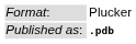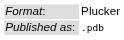 <table style="text-align:left;">
 <tr>
 <td style="background:#ddd; width:100px;"><em>Format</em>:</td>
 <td>Plucker</td>
 </tr>
 <tr>
 <td style="background:#ddd;"><em>Published as</em>:</td>
-<td><strong><code>.pdb</code></strong></td>
+<td><code>.pdb</code></td>
 </tr>
 </table>
